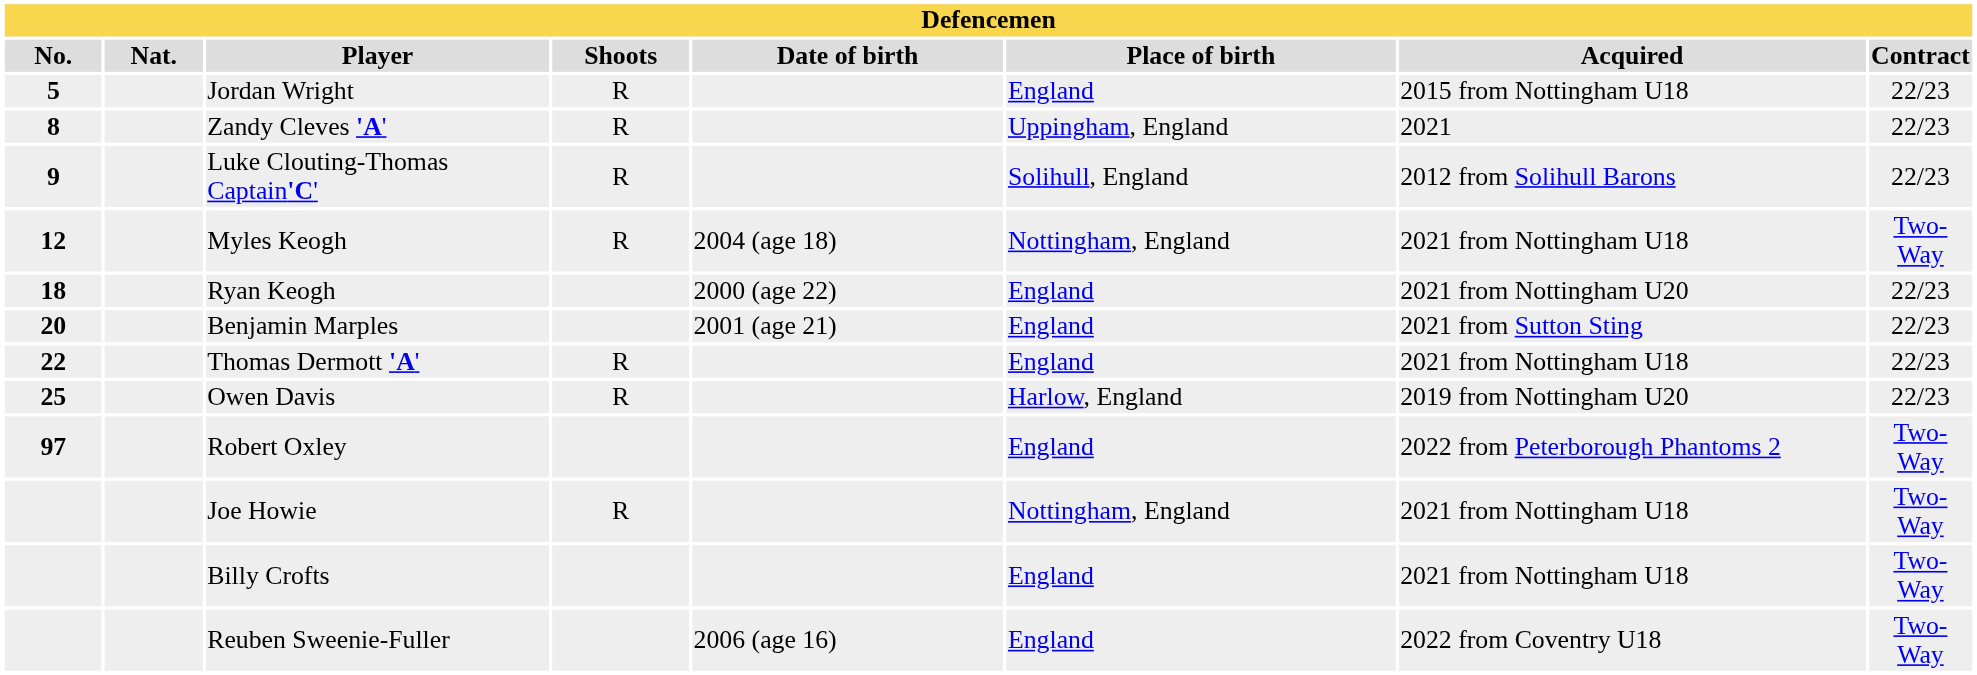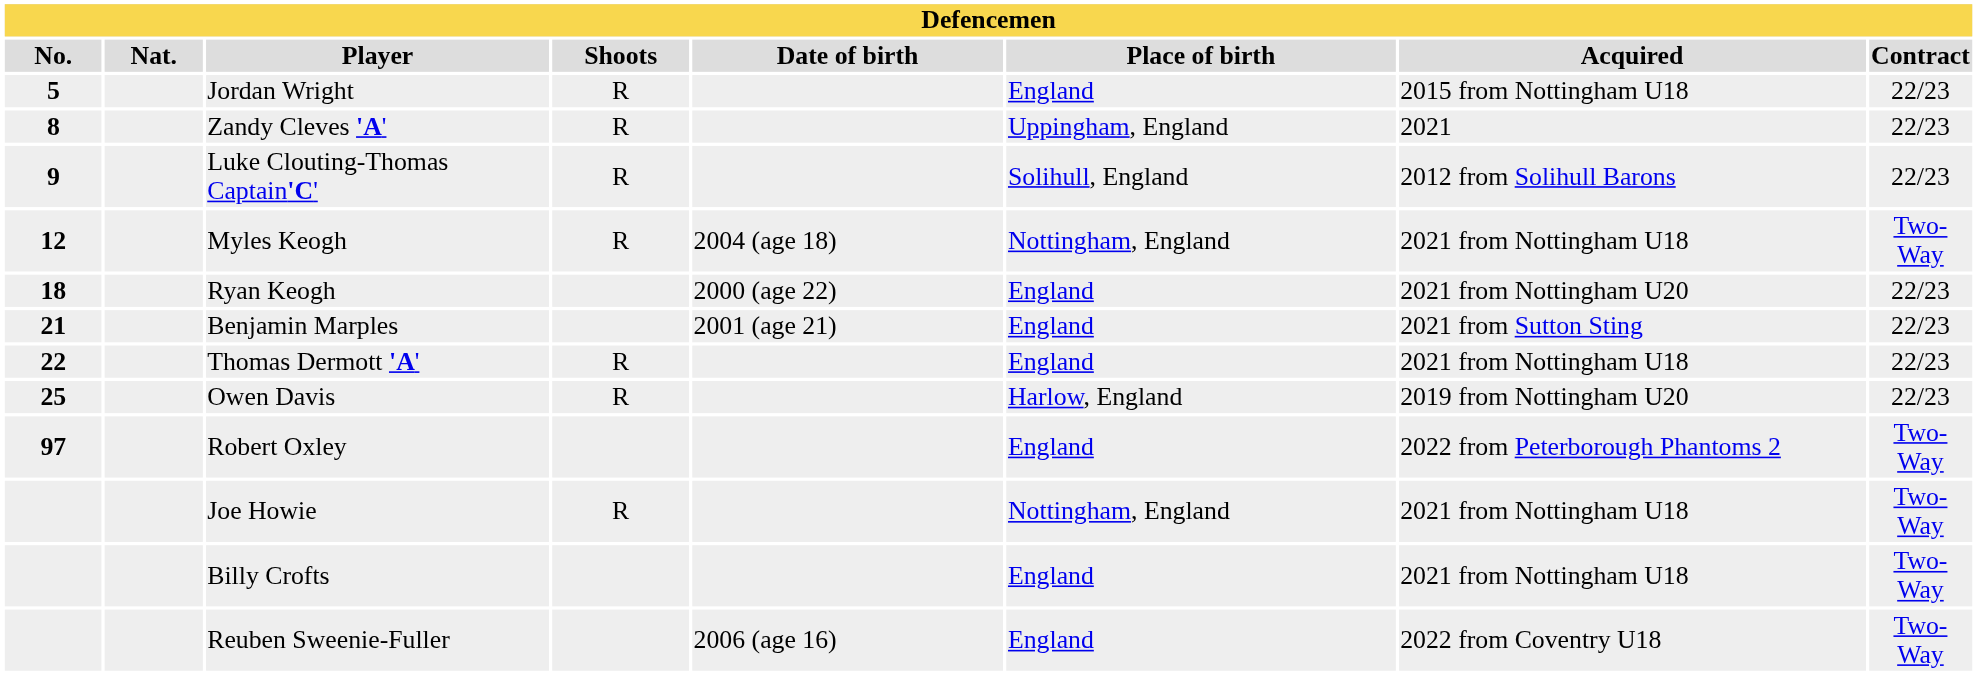 <table class="toccolours"  style="width:97%; clear:both; margin:1.5em auto; text-align:center;">
 <tr style="background:#ddd;">
 <th colspan="11" style="background:#f8d74e; color:#000000;”">Defencemen</th>
 </tr>
 <tr style="background:#ddd;">
 <th width=5%>No.</th>
 <th width=5%>Nat.</th>
 <th !width=22%>Player</th>
 <th width=7%>Shoots</th>
 <th width=16%>Date of birth</th>
 <th width=20%>Place of birth</th>
 <th width=24%>Acquired</th>
 <td><strong>Contract</strong></td>
 </tr>
 <tr style="background:#eee;">
 <td><strong>5</strong></td>
 <td></td>
 <td align=left>Jordan Wright</td>
 <td>R</td>
 <td align=left></td>
 <td align=left><a href='#'>England</a></td>
 <td align=left>2015 from Nottingham U18</td>
 <td>22/23</td>
 </tr>
 <tr style="background:#eee;">
 <td><strong>8</strong></td>
 <td></td>
 <td align=left>Zandy Cleves <a href='#'><strong>'A</strong>'</a></td>
 <td>R</td>
 <td align=left></td>
 <td align=left><a href='#'>Uppingham</a>, England</td>
 <td align=left>2021</td>
 <td>22/23</td>
 </tr>
 <tr style="background:#eee;">
 <td><strong>9</strong></td>
 <td></td>
 <td align=left>Luke Clouting-Thomas <a href='#'>Captain</a><a href='#'><strong>'C</strong>'</a></td>
 <td>R</td>
 <td align=left></td>
 <td align=left><a href='#'>Solihull</a>, England</td>
 <td align=left>2012 from <a href='#'>Solihull Barons</a></td>
 <td>22/23</td>
 </tr>
 <tr style="background:#eee;">
 <td><strong>12</strong></td>
 <td></td>
 <td align=left>Myles Keogh</td>
 <td>R</td>
 <td align=left>2004 (age 18)</td>
 <td align=left><a href='#'>Nottingham</a>, England</td>
 <td align=left>2021 from Nottingham U18</td>
 <td><a href='#'>Two-Way</a></td>
 </tr>
 <tr style="background:#eee;">
 <td><strong>18</strong></td>
 <td></td>
 <td align=left>Ryan Keogh</td>
 <td></td>
 <td align=left>2000 (age 22)</td>
 <td align=left><a href='#'>England</a></td>
 <td align=left>2021 from Nottingham U20</td>
 <td>22/23</td>
 </tr>
 <tr style="background:#eee;">
-<td><strong>20</strong></td>
+<td><strong>21</strong></td>
 <td></td>
 <td align=left>Benjamin Marples</td>
 <td></td>
 <td align=left>2001 (age 21)</td>
 <td align=left><a href='#'>England</a></td>
 <td align=left>2021 from <a href='#'>Sutton Sting</a></td>
 <td>22/23</td>
 </tr>
 <tr style="background:#eee;">
 <td><strong>22</strong></td>
 <td></td>
 <td align=left>Thomas Dermott <a href='#'><strong>'A</strong>'</a></td>
 <td>R</td>
 <td align=left></td>
 <td align=left><a href='#'>England</a></td>
 <td align=left>2021 from Nottingham U18</td>
 <td>22/23</td>
 </tr>
 <tr style="background:#eee;">
 <td><strong>25</strong></td>
 <td></td>
 <td align=left>Owen Davis</td>
 <td>R</td>
 <td align=left></td>
 <td align=left><a href='#'>Harlow</a>, England</td>
 <td align=left>2019 from Nottingham U20</td>
 <td>22/23</td>
 </tr>
 <tr style="background:#eee;">
 <td><strong>97</strong></td>
 <td></td>
 <td align=left>Robert Oxley</td>
 <td></td>
 <td align=left></td>
 <td align=left><a href='#'>England</a></td>
 <td align=left>2022 from <a href='#'>Peterborough Phantoms 2</a></td>
 <td><a href='#'>Two-Way</a></td>
 </tr>
 <tr style="background:#eee;">
 <td></td>
 <td></td>
 <td align=left>Joe Howie</td>
 <td>R</td>
 <td align=left></td>
 <td align=left><a href='#'>Nottingham</a>, England</td>
 <td align=left>2021 from Nottingham U18</td>
 <td><a href='#'>Two-Way</a></td>
 </tr>
 <tr style="background:#eee;">
 <td></td>
 <td></td>
 <td align=left>Billy Crofts</td>
 <td></td>
 <td align=left></td>
 <td align=left><a href='#'>England</a></td>
 <td align=left>2021 from Nottingham U18</td>
 <td><a href='#'>Two-Way</a></td>
 </tr>
 <tr style="background:#eee;">
 <td></td>
 <td></td>
 <td align=left>Reuben Sweenie-Fuller</td>
 <td></td>
 <td align=left>2006 (age 16)</td>
 <td align=left><a href='#'>England</a></td>
 <td align=left>2022 from Coventry U18</td>
 <td><a href='#'>Two-Way</a></td>
 </tr>
 </table>
